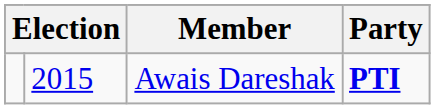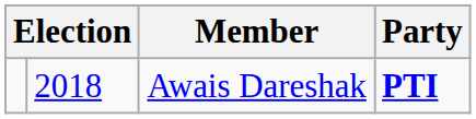 <table class="wikitable">
 <tr>
 <th colspan="2">Election</th>
 <th>Member</th>
 <th>Party</th>
 </tr>
 <tr>
 <td style="background-color: "></td>
-<td><a href='#'>2015</a></td>
+<td><a href='#'>2018</a></td>
 <td><a href='#'>Awais Dareshak</a></td>
 <td><strong><a href='#'>PTI</a></strong></td>
 </tr>
 </table>
